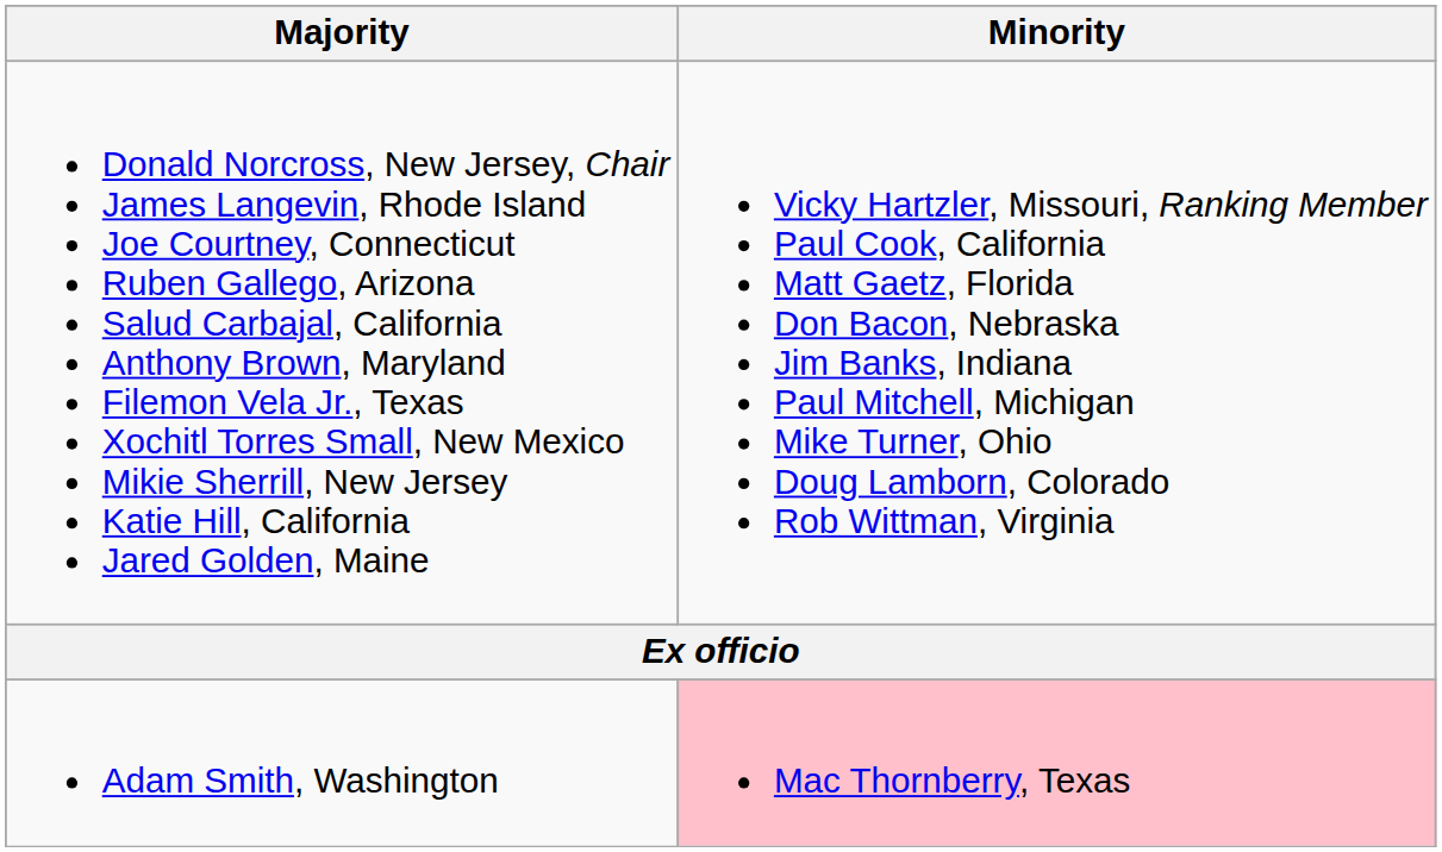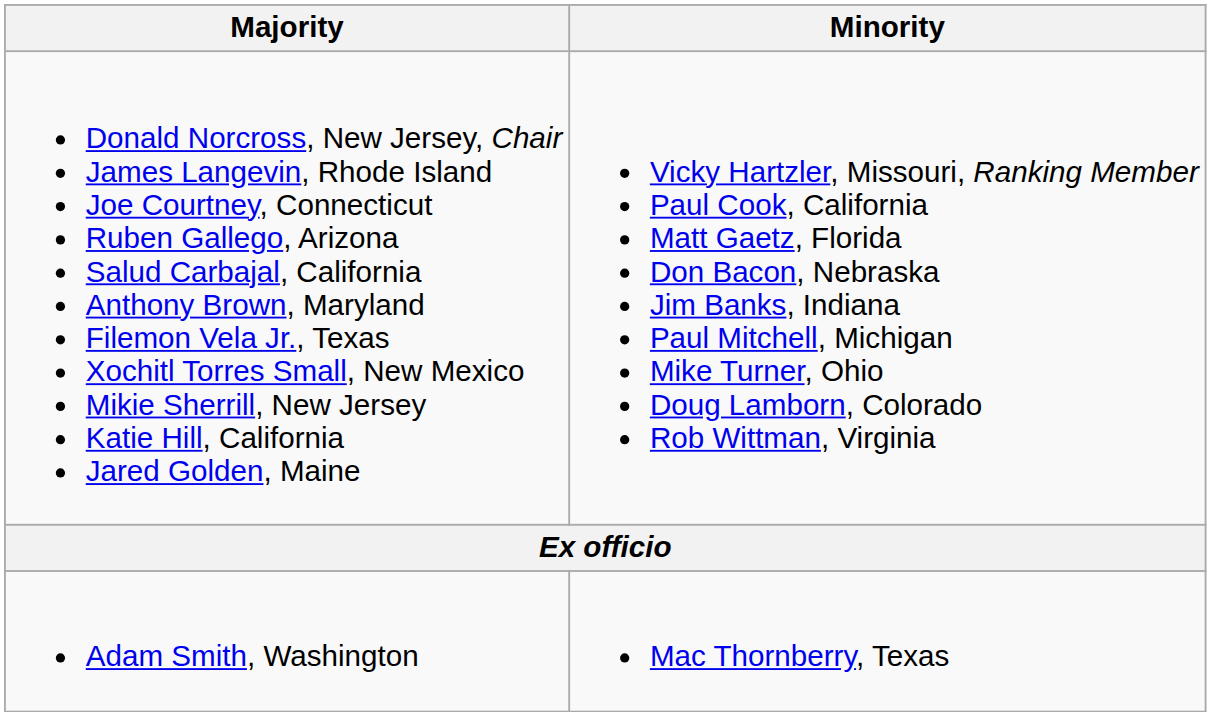 <table class=wikitable>
 <tr>
 <th>Majority</th>
 <th>Minority</th>
 </tr>
 <tr>
 <td><br><ul><li><a href='#'>Donald Norcross</a>, New Jersey, <em>Chair</em></li><li><a href='#'>James Langevin</a>, Rhode Island</li><li><a href='#'>Joe Courtney</a>, Connecticut</li><li><a href='#'>Ruben Gallego</a>, Arizona</li><li><a href='#'>Salud Carbajal</a>, California</li><li><a href='#'>Anthony Brown</a>, Maryland</li><li><a href='#'>Filemon Vela Jr.</a>, Texas</li><li><a href='#'>Xochitl Torres Small</a>, New Mexico</li><li><a href='#'>Mikie Sherrill</a>, New Jersey</li><li><a href='#'>Katie Hill</a>, California</li><li><a href='#'>Jared Golden</a>, Maine</li></ul></td>
 <td><br><ul><li><a href='#'>Vicky Hartzler</a>, Missouri, <em>Ranking Member</em></li><li><a href='#'>Paul Cook</a>, California</li><li><a href='#'>Matt Gaetz</a>, Florida</li><li><a href='#'>Don Bacon</a>, Nebraska</li><li><a href='#'>Jim Banks</a>, Indiana</li><li><a href='#'>Paul Mitchell</a>, Michigan</li><li><a href='#'>Mike Turner</a>, Ohio</li><li><a href='#'>Doug Lamborn</a>, Colorado</li><li><a href='#'>Rob Wittman</a>, Virginia</li></ul></td>
 </tr>
 <tr>
 <th colspan=2><em>Ex officio</em></th>
 </tr>
 <tr>
 <td><br><ul><li><a href='#'>Adam Smith</a>, Washington</li></ul></td>
-<td style="background: pink;"><br><ul><li><a href='#'>Mac Thornberry</a>, Texas</li></ul></td>
+<td><br><ul><li><a href='#'>Mac Thornberry</a>, Texas</li></ul></td>
 </tr>
 </table>
